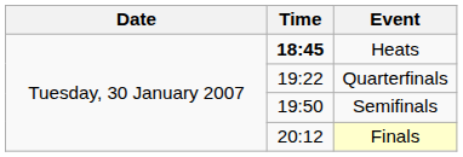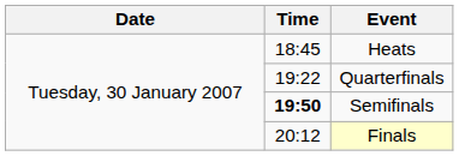 <table class = "wikitable" style="text-align:center;">
 <tr>
 <th width=220>Date</th>
 <th width=50>Time</th>
 <th width=100>Event</th>
 </tr>
 <tr>
 <td rowspan=4>Tuesday, 30 January 2007</td>
-<td><strong>18:45</strong></td>
+<td>18:45</td>
 <td>Heats</td>
 </tr>
 <tr>
 <td>19:22</td>
 <td>Quarterfinals</td>
 </tr>
 <tr>
-<td>19:50</td>
+<td><strong>19:50</strong></td>
 <td>Semifinals</td>
 </tr>
 <tr>
 <td>20:12</td>
 <td bgcolor=ffffcc>Finals</td>
 </tr>
 </table>
